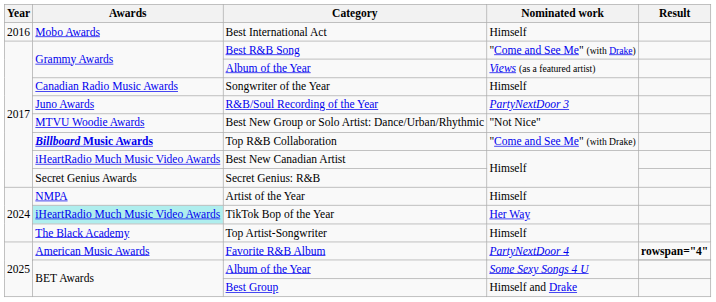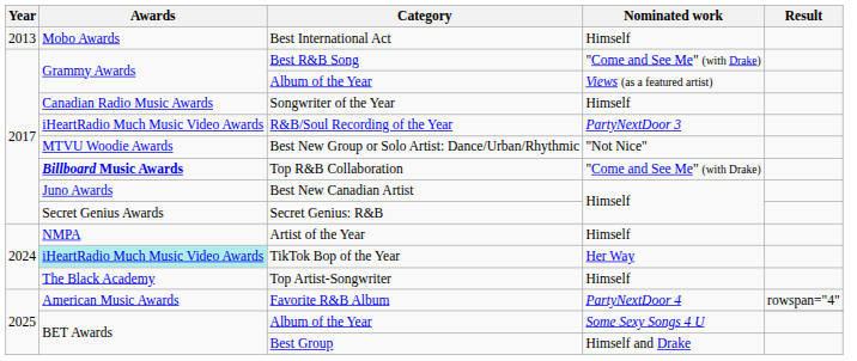 <table class="wikitable">
 <tr>
 <th>Year</th>
 <th>Awards</th>
 <th>Category</th>
 <th>Nominated work</th>
 <th>Result</th>
 </tr>
 <tr>
-<td>2016</td>
+<td>2013</td>
 <td><a href='#'>Mobo Awards</a></td>
 <td>Best International Act</td>
 <td>Himself</td>
 <td></td>
 </tr>
 <tr>
 <td rowspan="8">2017</td>
 <td rowspan="2"><a href='#'>Grammy Awards</a></td>
 <td><a href='#'>Best R&B Song</a></td>
 <td>"<a href='#'>Come and See Me</a>" <small>(with <a href='#'>Drake</a>)</small></td>
 <td></td>
 </tr>
 <tr>
 <td><a href='#'>Album of the Year</a></td>
 <td><em><a href='#'>Views</a></em> <small>(as a featured artist)</small></td>
 <td></td>
 </tr>
 <tr>
 <td><a href='#'>Canadian Radio Music Awards</a></td>
 <td>Songwriter of the Year</td>
 <td>Himself</td>
 <td></td>
 </tr>
 <tr>
-<td><a href='#'>Juno Awards</a></td>
+<td><a href='#'>iHeartRadio Much Music Video Awards</a></td>
 <td><a href='#'>R&B/Soul Recording of the Year</a></td>
 <td><em><a href='#'>PartyNextDoor 3</a></em></td>
 <td></td>
 </tr>
 <tr>
 <td><a href='#'>MTVU Woodie Awards</a></td>
 <td>Best New Group or Solo Artist: Dance/Urban/Rhythmic</td>
 <td>"Not Nice"</td>
 <td></td>
 </tr>
 <tr>
 <td><strong><a href='#'><em>Billboard</em> Music Awards</a></strong></td>
 <td>Top R&B Collaboration</td>
 <td>"<a href='#'>Come and See Me</a>" <small>(with Drake)</small></td>
 <td></td>
 </tr>
 <tr>
-<td><a href='#'>iHeartRadio Much Music Video Awards</a></td>
+<td><a href='#'>Juno Awards</a></td>
 <td>Best New Canadian Artist</td>
 <td rowspan="2">Himself</td>
 <td></td>
 </tr>
 <tr>
 <td>Secret Genius Awards</td>
 <td>Secret Genius: R&B</td>
 <td></td>
 </tr>
 <tr>
 <td rowspan="3">2024</td>
 <td><a href='#'>NMPA</a></td>
 <td>Artist of the Year</td>
 <td>Himself</td>
 <td></td>
 </tr>
 <tr>
 <td style="background: paleturquoise;"><a href='#'>iHeartRadio Much Music Video Awards</a></td>
 <td>TikTok Bop of the Year</td>
 <td><a href='#'>Her Way</a></td>
 <td></td>
 </tr>
 <tr>
 <td><a href='#'>The Black Academy</a></td>
 <td>Top Artist-Songwriter</td>
 <td>Himself</td>
 <td></td>
 </tr>
 <tr>
 <td rowspan="4">2025</td>
 <td rowspan="2"><a href='#'>American Music Awards</a></td>
 <td rowspan="2"><a href='#'>Favorite R&B Album</a></td>
 <td><em><a href='#'>PartyNextDoor 4</a></em></td>
-<td><strong>rowspan="4" </strong></td>
+<td>rowspan="4" </td>
 </tr>
 <tr>
 <td rowspan="2"><em><a href='#'>Some Sexy Songs 4 U</a></em></td>
 </tr>
 <tr>
 <td rowspan="2">BET Awards</td>
 <td><a href='#'>Album of the Year</a></td>
 <td></td>
 </tr>
 <tr>
 <td><a href='#'>Best Group</a></td>
 <td>Himself and <a href='#'>Drake</a></td>
 <td></td>
 </tr>
 </table>
